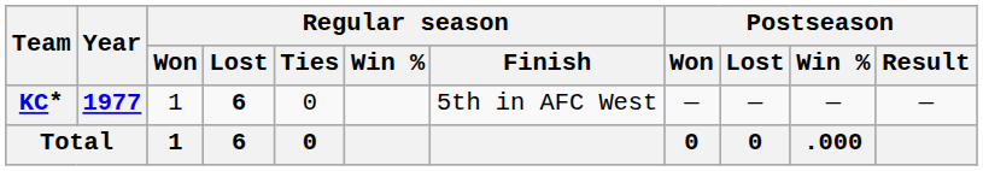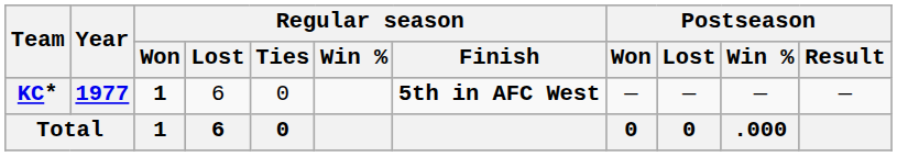 <table class="wikitable" style="font-size: 95%; text-align:center;">
 <tr>
 <th rowspan="2">Team</th>
 <th rowspan="2">Year</th>
 <th colspan="5">Regular season</th>
 <th colspan="4">Postseason</th>
 </tr>
 <tr>
 <th>Won</th>
 <th>Lost</th>
 <th>Ties</th>
 <th>Win %</th>
 <th>Finish</th>
 <th>Won</th>
 <th>Lost</th>
 <th>Win %</th>
 <th>Result</th>
 </tr>
 <tr>
 <th><a href='#'>KC</a>*</th>
 <th><a href='#'>1977</a></th>
-<td>1</td>
-<td><strong>6</strong></td>
+<td><strong>1</strong></td>
+<td>6</td>
 <td>0</td>
 <td></td>
-<td>5th in AFC West</td>
+<td><strong>5th in AFC West</strong></td>
 <td>—</td>
 <td>—</td>
 <td>—</td>
 <td>—</td>
 </tr>
 <tr>
 <th colspan="2">Total</th>
 <th>1</th>
 <th>6</th>
 <th>0</th>
 <th></th>
 <th></th>
 <th>0</th>
 <th>0</th>
 <th>.000</th>
 <th></th>
 </tr>
 </table>
